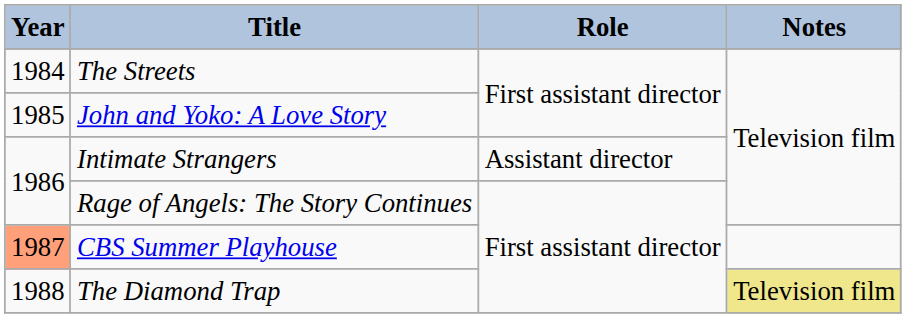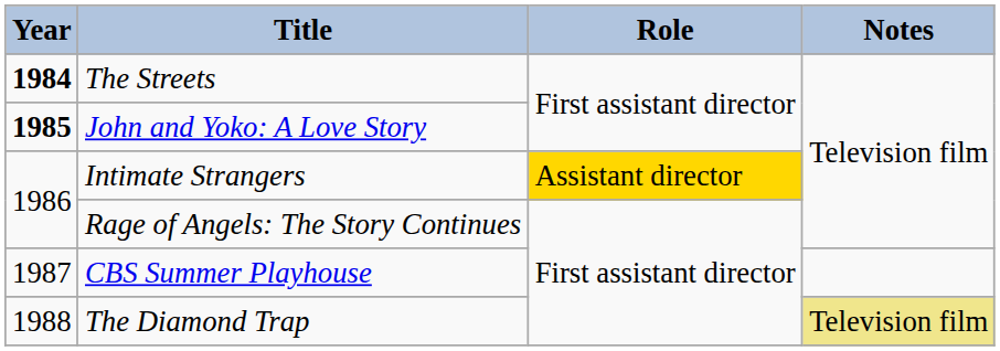 <table class="wikitable" style="font-size:95%;">
 <tr>
 <th style="background:#B0C4DE;">Year</th>
 <th style="background:#B0C4DE;">Title</th>
 <th style="background:#B0C4DE;">Role</th>
 <th style="background:#B0C4DE;">Notes</th>
 </tr>
 <tr>
-<td>1984</td>
+<td><strong>1984</strong></td>
 <td><em>The Streets</em></td>
 <td rowspan=2>First assistant director</td>
 <td rowspan=4>Television film</td>
 </tr>
 <tr>
-<td>1985</td>
+<td><strong>1985</strong></td>
 <td><em><a href='#'>John and Yoko: A Love Story</a></em></td>
 </tr>
 <tr>
 <td rowspan=2>1986</td>
 <td><em>Intimate Strangers</em></td>
-<td>Assistant director</td>
+<td style="background: gold;">Assistant director</td>
 </tr>
 <tr>
 <td><em>Rage of Angels: The Story Continues</em></td>
 <td rowspan=3>First assistant director</td>
 </tr>
 <tr>
-<td style="background: lightsalmon;">1987</td>
+<td>1987</td>
 <td><em><a href='#'>CBS Summer Playhouse</a></em></td>
 <td></td>
 </tr>
 <tr>
 <td>1988</td>
 <td><em>The Diamond Trap</em></td>
 <td style="background: khaki;">Television film</td>
 </tr>
 </table>
